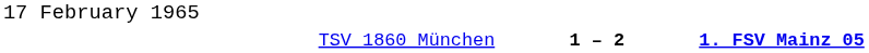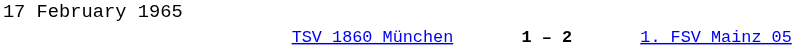 <table width=100% cellspacing=1>
 <tr>
 <th width=25%></th>
 <th width=10%></th>
 <th width=25%></th>
 <th></th>
 </tr>
 <tr>
 <td>17 February 1965</td>
 </tr>
 <tr style=font-size:90%>
 <td align=right><a href='#'>TSV 1860 München</a></td>
 <td align=center><strong>1 – 2</strong></td>
-<td><strong><a href='#'>1. FSV Mainz 05</a></strong></td>
+<td><a href='#'>1. FSV Mainz 05</a></td>
 </tr>
 </table>
